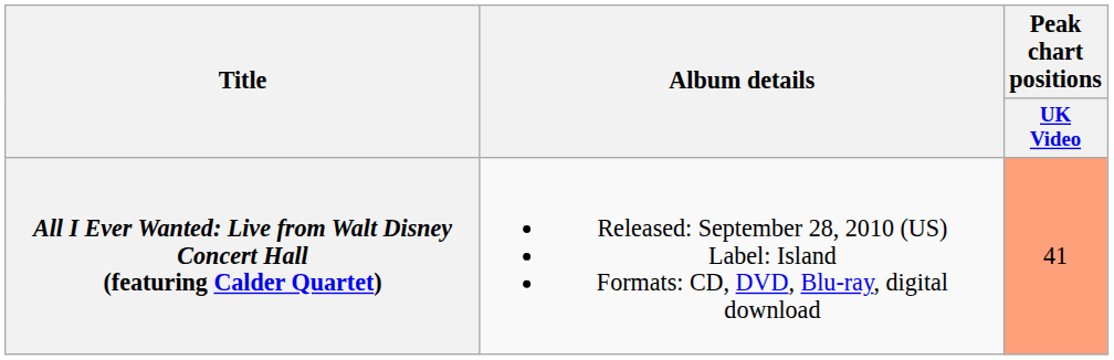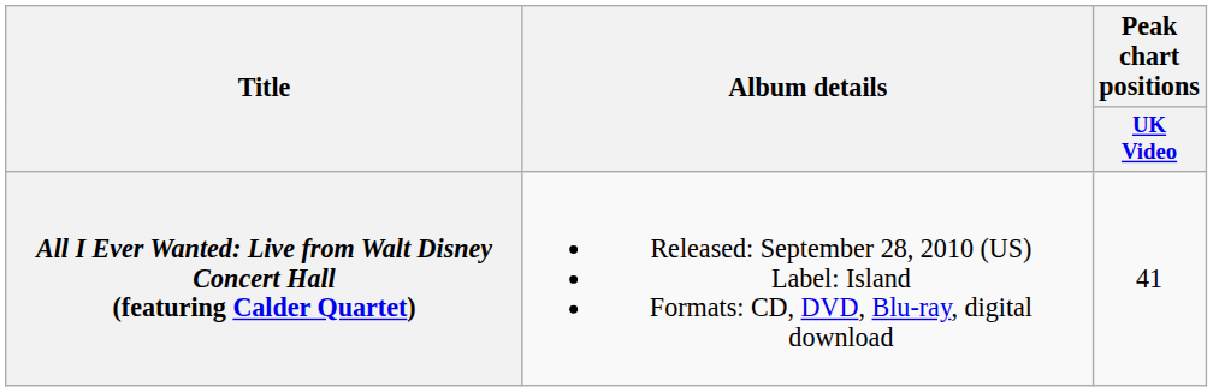 <table class="wikitable plainrowheaders" style="text-align:center;">
 <tr>
 <th scope="col" rowspan="2" style="width:19em;">Title</th>
 <th scope="col" rowspan="2" style="width:21em;">Album details</th>
 <th scope="col" colspan="1">Peak chart positions</th>
 </tr>
 <tr>
 <th scope="col" style="width:3em;font-size:85%;"><a href='#'>UK<br>Video</a><br></th>
 </tr>
 <tr>
 <th scope="row"><em>All I Ever Wanted: Live from Walt Disney Concert Hall</em><br><span>(featuring <a href='#'>Calder Quartet</a>)</span></th>
 <td><br><ul><li>Released: September 28, 2010 <span>(US)</span></li><li>Label: Island</li><li>Formats: CD, <a href='#'>DVD</a>, <a href='#'>Blu-ray</a>, digital download</li></ul></td>
-<td style="background: lightsalmon;">41</td>
+<td>41</td>
 </tr>
 </table>
